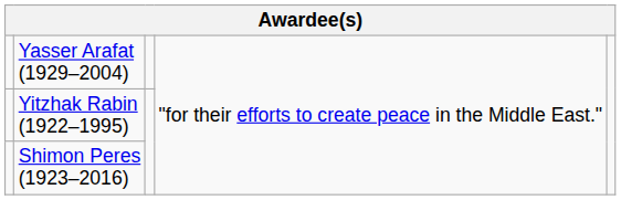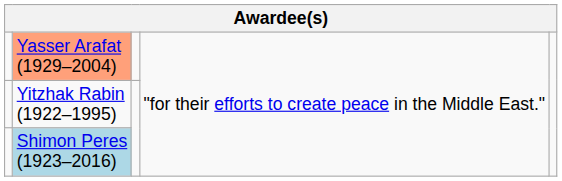 <table class="wikitable">
 <tr>
 <th colspan="5">Awardee(s)</th>
 </tr>
 <tr>
 <td></td>
-<td><a href='#'>Yasser Arafat</a><br>(1929–2004)</td>
+<td style="background: lightsalmon;"><a href='#'>Yasser Arafat</a><br>(1929–2004)</td>
 <td></td>
 <td rowspan="3">"for their <a href='#'>efforts to create peace</a> in the Middle East."</td>
 <td rowspan="3"></td>
 </tr>
 <tr>
 <td></td>
 <td><a href='#'>Yitzhak Rabin</a><br>(1922–1995)</td>
 <td rowspan="2"></td>
 </tr>
 <tr>
 <td></td>
-<td><a href='#'>Shimon Peres</a><br>(1923–2016)</td>
+<td style="background: lightblue;"><a href='#'>Shimon Peres</a><br>(1923–2016)</td>
 </tr>
 </table>
